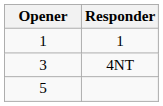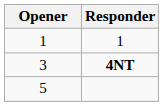 <table class="wikitable">
 <tr>
 <th width=50%>Opener</th>
 <th width=50%>Responder</th>
 </tr>
 <tr align=center>
 <td>1</td>
 <td>1</td>
 </tr>
 <tr align=center>
 <td>3</td>
-<td>4NT</td>
+<td><strong>4NT</strong></td>
 </tr>
 <tr align=center>
 <td>5</td>
 <td></td>
 </tr>
 </table>
